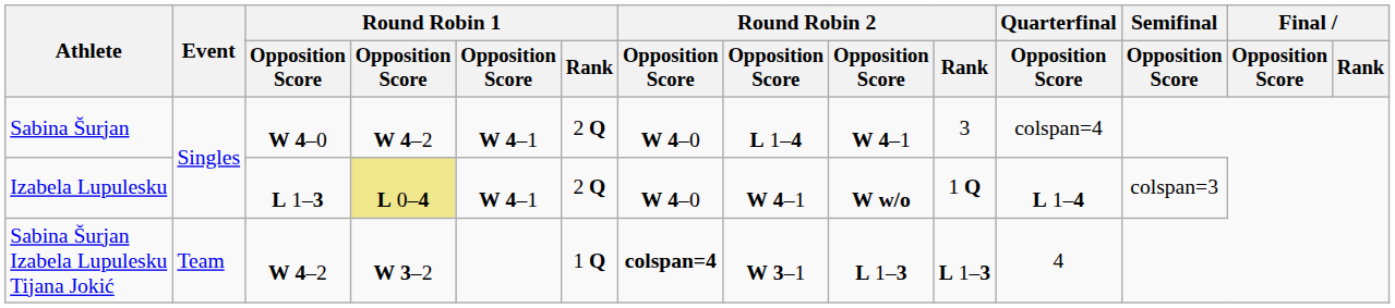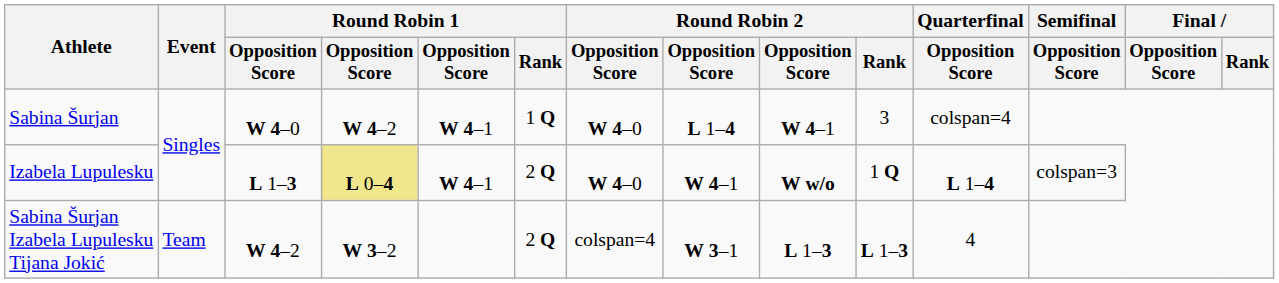 <table class=wikitable style="font-size:90%">
 <tr>
 <th rowspan=2>Athlete</th>
 <th rowspan=2>Event</th>
 <th colspan=4>Round Robin 1</th>
 <th colspan=4>Round Robin 2</th>
 <th>Quarterfinal</th>
 <th>Semifinal</th>
 <th colspan=2>Final / </th>
 </tr>
 <tr style="font-size:95%">
 <th>Opposition<br>Score</th>
 <th>Opposition<br>Score</th>
 <th>Opposition<br>Score</th>
 <th>Rank</th>
 <th>Opposition<br>Score</th>
 <th>Opposition<br>Score</th>
 <th>Opposition<br>Score</th>
 <th>Rank</th>
 <th>Opposition<br>Score</th>
 <th>Opposition<br>Score</th>
 <th>Opposition<br>Score</th>
 <th>Rank</th>
 </tr>
 <tr align=center>
 <td align=left><a href='#'>Sabina Šurjan</a></td>
 <td align=left rowspan=2><a href='#'>Singles</a></td>
 <td><br><strong>W</strong> <strong>4</strong>–0</td>
 <td><br><strong>W</strong> <strong>4</strong>–2</td>
 <td><br><strong>W</strong> <strong>4</strong>–1</td>
-<td>2 <strong>Q</strong></td>
+<td>1 <strong>Q</strong></td>
 <td><br><strong>W</strong> <strong>4</strong>–0</td>
 <td><br><strong>L</strong> 1–<strong>4</strong></td>
 <td><br><strong>W</strong> <strong>4</strong>–1</td>
 <td>3</td>
 <td>colspan=4 </td>
 </tr>
 <tr align=center>
 <td align=left><a href='#'>Izabela Lupulesku</a></td>
 <td><br><strong>L</strong> 1–<strong>3</strong></td>
 <td style="background: khaki;"><br><strong>L</strong> 0–<strong>4</strong></td>
 <td><br><strong>W</strong> <strong>4</strong>–1</td>
 <td>2 <strong>Q</strong></td>
 <td><br><strong>W</strong> <strong>4</strong>–0</td>
 <td><br><strong>W</strong> <strong>4</strong>–1</td>
 <td><br><strong>W</strong> <strong>w/o</strong></td>
 <td>1 <strong>Q</strong></td>
 <td><br><strong>L</strong> 1–<strong>4</strong></td>
 <td>colspan=3 </td>
 </tr>
 <tr align=center>
 <td align=left><a href='#'>Sabina Šurjan</a><br><a href='#'>Izabela Lupulesku</a><br><a href='#'>Tijana Jokić</a></td>
 <td align=left><a href='#'>Team</a></td>
 <td><br><strong>W</strong> <strong>4</strong>–2</td>
 <td><br><strong>W</strong> <strong>3</strong>–2</td>
 <td></td>
-<td>1 <strong>Q</strong></td>
-<td><strong>colspan=4</strong></td>
+<td>2 <strong>Q</strong></td>
+<td>colspan=4</td>
 <td><br><strong>W</strong> <strong>3</strong>–1</td>
 <td><br><strong>L</strong> 1–<strong>3</strong></td>
 <td><br><strong>L</strong> 1–<strong>3</strong></td>
 <td>4</td>
 </tr>
 </table>
